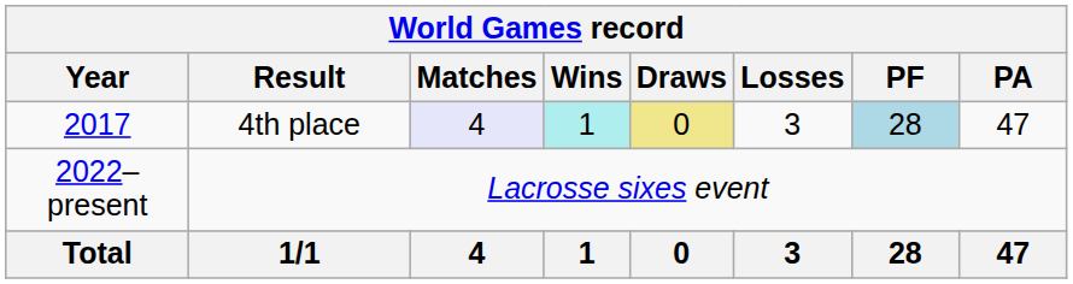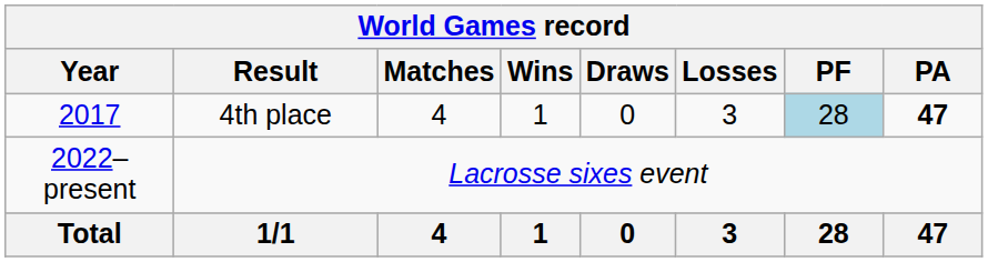 <table class="wikitable"  style="text-align:center;">
 <tr>
 <th colspan=8><strong><a href='#'>World Games</a> record</strong></th>
 </tr>
 <tr>
 <th width=90>Year</th>
 <th width=110>Result</th>
 <th>Matches</th>
 <th>Wins</th>
 <th>Draws</th>
 <th>Losses</th>
 <th width=50>PF</th>
 <th width=50>PA</th>
 </tr>
 <tr>
 <td> <a href='#'>2017</a></td>
 <td>4th place</td>
-<td style="background: lavender;">4</td>
-<td style="background: paleturquoise;">1</td>
-<td style="background: khaki;">0</td>
+<td>4</td>
+<td>1</td>
+<td>0</td>
 <td>3</td>
 <td style="background: lightblue;">28</td>
-<td>47</td>
+<td><strong>47</strong></td>
 </tr>
 <tr>
 <td><a href='#'>2022</a>–present</td>
 <td colspan=8><em><a href='#'>Lacrosse sixes</a> event</em></td>
 </tr>
 <tr>
 <th>Total</th>
 <th>1/1</th>
 <th>4</th>
 <th>1</th>
 <th>0</th>
 <th>3</th>
 <th>28</th>
 <th>47</th>
 </tr>
 </table>
